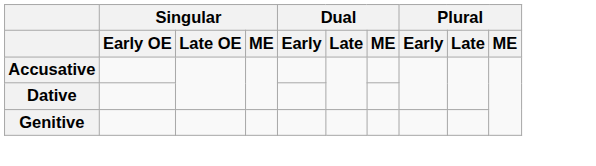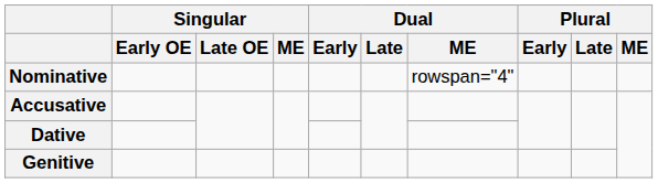 <table class="wikitable">
 <tr>
 <th></th>
 <th colspan="3">Singular</th>
 <th colspan="3">Dual</th>
 <th colspan="3">Plural</th>
 </tr>
 <tr>
 <th></th>
 <th>Early OE</th>
 <th>Late OE</th>
 <th>ME</th>
 <th>Early</th>
 <th>Late</th>
 <th>ME</th>
 <th>Early</th>
 <th>Late</th>
 <th>ME</th>
+</tr>
+<tr>
+<th>Nominative</th>
+<td><em></em></td>
+<td><em></em></td>
+<td><em></em></td>
+<td><em></em></td>
+<td><em></em></td>
+<td>rowspan="4" </td>
+<td><em></em></td>
+<td><em></em></td>
+<td><em></em></td>
 </tr>
 <tr>
 <th>Accusative</th>
 <td><em></em></td>
 <td rowspan="2"><em></em></td>
 <td rowspan="2"><em></em></td>
 <td><em></em></td>
 <td rowspan="2"><em></em></td>
 <td><em></em></td>
 <td rowspan="2"><em></em></td>
 <td rowspan="2"><em></em></td>
 </tr>
 <tr>
 <th>Dative</th>
 <td><em></em></td>
 <td><em></em></td>
 <td><em></em></td>
 </tr>
 <tr>
 <th>Genitive</th>
 <td><em></em></td>
 <td><em></em></td>
 <td></td>
 <td><em></em></td>
 <td><em></em></td>
 <td><em></em></td>
 <td><em></em></td>
 <td></td>
 </tr>
 </table>
